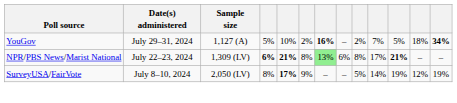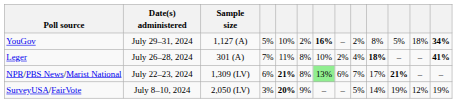 <table class="wikitable" style="text-align:center;font-size:90%;line-height:20px">
 <tr valign=bottom>
 <th style="background-position: right 85%;">Poll source</th>
 <th style="width:120px; background-position: right 85%;">Date(s)<br>administered</th>
 <th style="width:90px; background-position: right 85%;">Sample<br>size</th>
 <th></th>
 <th></th>
 <th></th>
 <th></th>
 <th></th>
 <th></th>
 <th></th>
 <th></th>
 <th></th>
 <th></th>
 </tr>
 <tr>
 <td style="text-align:left;"><a href='#'>YouGov</a></td>
 <td>July 29–31, 2024</td>
 <td>1,127 (A)</td>
 <td>5%</td>
 <td>10%</td>
 <td>2%</td>
 <td><strong>16%</strong></td>
 <td>–</td>
 <td>2%</td>
-<td>7%</td>
+<td>8%</td>
 <td>5%</td>
 <td>18%</td>
 <td><strong>34%</strong></td>
 </tr>
 <tr>
+<td style="text-align:left;"><a href='#'>Leger</a></td>
+<td>July 26–28, 2024</td>
+<td>301 (A)</td>
+<td>7%</td>
+<td>11%</td>
+<td>8%</td>
+<td>10%</td>
+<td>2%</td>
+<td>4%</td>
+<td><strong>18%</strong></td>
+<td>–</td>
+<td>–</td>
+<td><strong>41%</strong></td>
+</tr>
+<tr>
 <td style="text-align:left;"><a href='#'>NPR</a>/<a href='#'>PBS News</a>/<a href='#'>Marist National</a></td>
 <td>July 22–23, 2024</td>
 <td>1,309 (LV)</td>
-<td><strong>6%</strong></td>
+<td>6%</td>
 <td><strong>21%</strong></td>
 <td>8%</td>
 <td style="background: lightgreen;">13%</td>
 <td>6%</td>
-<td>8%</td>
+<td>7%</td>
 <td>17%</td>
 <td><strong>21%</strong></td>
 <td>–</td>
 <td>–</td>
 </tr>
 <tr>
 <td style="text-align:left;"><a href='#'>SurveyUSA</a>/<a href='#'>FairVote</a></td>
 <td>July 8–10, 2024</td>
 <td>2,050 (LV)</td>
-<td>8%</td>
-<td><strong>17%</strong></td>
+<td>3%</td>
+<td><strong>20%</strong></td>
 <td>9%</td>
 <td>–</td>
 <td>–</td>
 <td>5%</td>
 <td>14%</td>
 <td>19%</td>
 <td>12%</td>
 <td>19%</td>
 </tr>
 </table>
